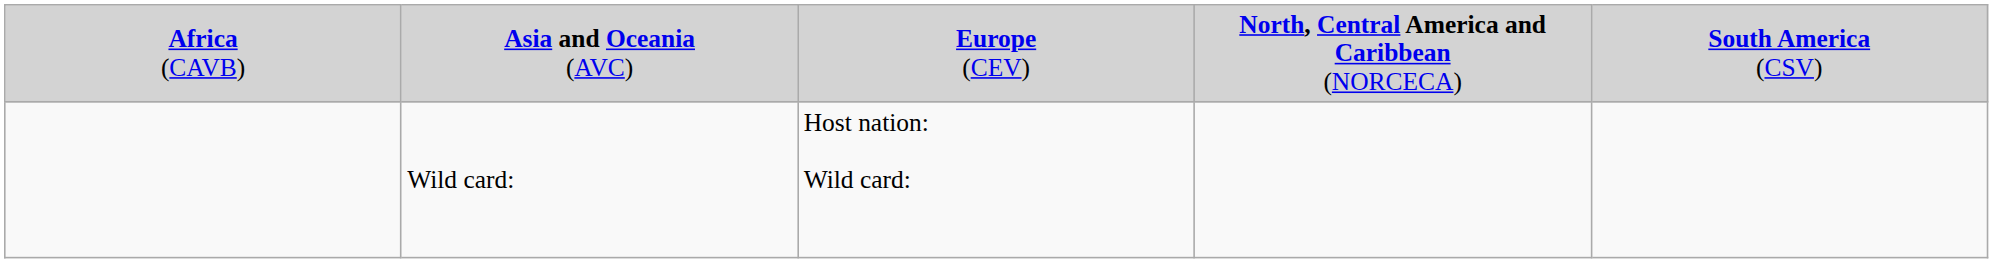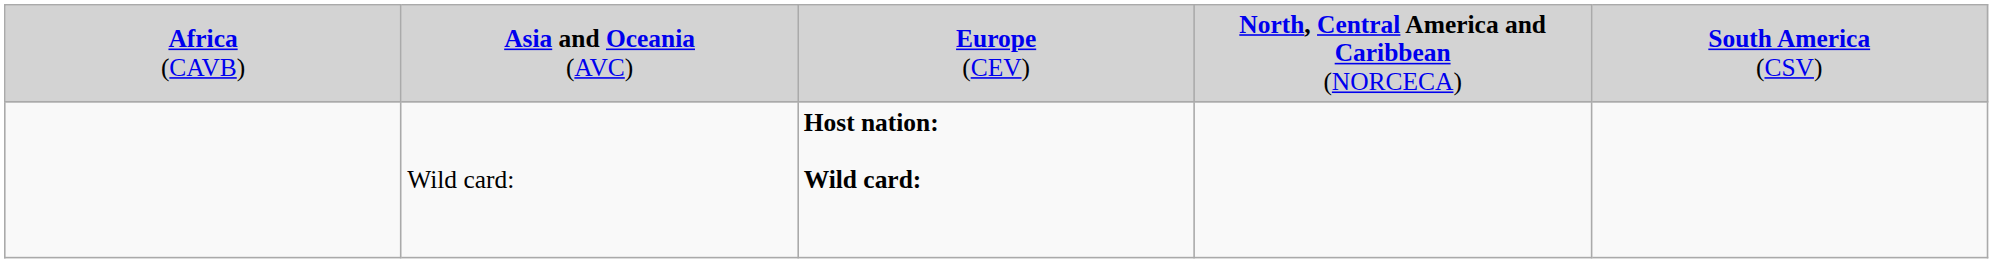 <table class="wikitable">
 <tr style="background:Lightgrey;">
 <td style="width:20%; text-align:center;"><strong><a href='#'>Africa</a></strong><br>(<a href='#'>CAVB</a>)</td>
 <td style="width:20%; text-align:center;"><strong><a href='#'>Asia</a> and <a href='#'>Oceania</a></strong><br>(<a href='#'>AVC</a>)</td>
 <td style="width:20%; text-align:center;"><strong><a href='#'>Europe</a></strong><br>(<a href='#'>CEV</a>)</td>
 <td style="width:20%; text-align:center;"><strong><a href='#'>North</a>, <a href='#'>Central</a> America and <a href='#'>Caribbean</a></strong><br>(<a href='#'>NORCECA</a>)</td>
 <td style="width:20%; text-align:center;"><strong><a href='#'>South America</a><br></strong>(<a href='#'>CSV</a>)</td>
 </tr>
 <tr>
 <td></td>
 <td>Wild card: <br></td>
-<td>Host nation: <br><br>Wild card: <br><br><br></td>
+<td><strong>Host nation: <br><br>Wild card: <br><br><br></strong></td>
 <td></td>
 <td></td>
 </tr>
 </table>
